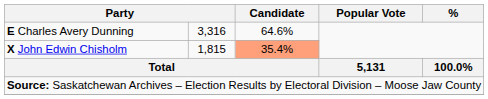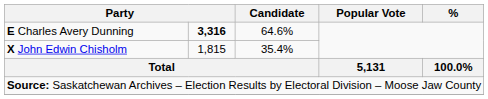 <table class="wikitable">
 <tr>
 <th colspan="2">Party</th>
 <th>Candidate</th>
 <th>Popular Vote</th>
 <th>%</th>
 </tr>
 <tr>
 <td><strong>E</strong> Charles Avery Dunning</td>
-<td align=center>3,316</td>
+<td align=center><strong>3,316</strong></td>
 <td align=center>64.6%</td>
 </tr>
 <tr>
 <td><strong>X</strong> <a href='#'>John Edwin Chisholm</a></td>
 <td align=center>1,815</td>
-<td align=center style="background: lightsalmon;">35.4%</td>
+<td align=center>35.4%</td>
 </tr>
 <tr>
 <th colspan=3>Total</th>
 <th>5,131</th>
 <th>100.0%</th>
 </tr>
 <tr>
 <td align="center" colspan=5><strong>Source:</strong> Saskatchewan Archives – Election Results by Electoral Division – Moose Jaw County</td>
 </tr>
 <tr>
 </tr>
 </table>
